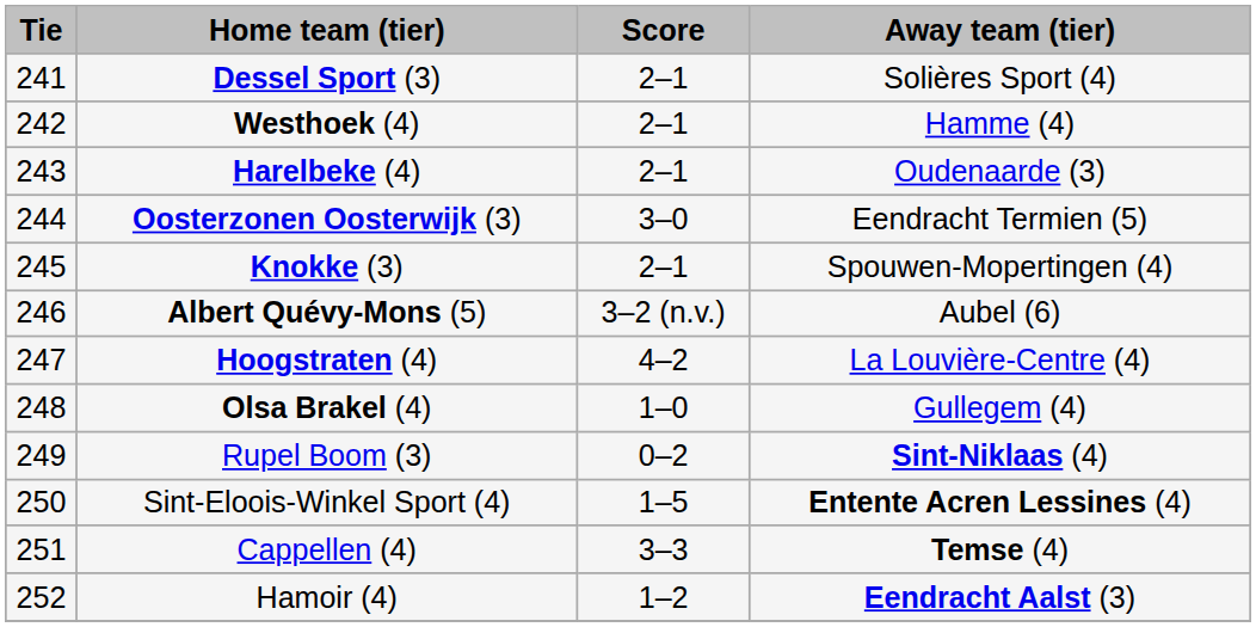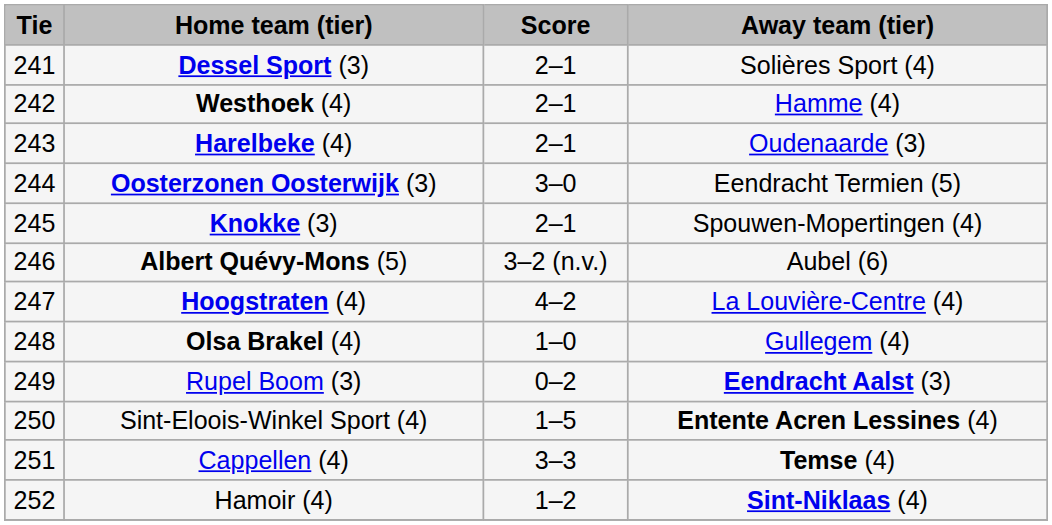 <table class="wikitable" style="width: 600px; background:WhiteSmoke; text-align:center; font-size:90%">
 <tr>
 <td scope="col" style="width:  5.00%; background:silver;"><strong>Tie</strong></td>
 <td scope="col" style="width: 36.25%; background:silver;"><strong>Home team (tier)</strong></td>
 <td scope="col" style="width: 12.50%; background:silver;"><strong>Score</strong></td>
 <td scope="col" style="width: 36.25%; background:silver;"><strong>Away team (tier)</strong></td>
 </tr>
 <tr>
 <td>241</td>
 <td><strong><a href='#'>Dessel Sport</a></strong> (3)</td>
 <td>2–1</td>
 <td>Solières Sport (4)</td>
 </tr>
 <tr>
 <td>242</td>
 <td><strong>Westhoek</strong> (4)</td>
 <td>2–1</td>
 <td><a href='#'>Hamme</a> (4)</td>
 </tr>
 <tr>
 <td>243</td>
 <td><strong><a href='#'>Harelbeke</a></strong> (4)</td>
 <td>2–1</td>
 <td><a href='#'>Oudenaarde</a> (3)</td>
 </tr>
 <tr>
 <td>244</td>
 <td><strong><a href='#'>Oosterzonen Oosterwijk</a></strong> (3)</td>
 <td>3–0</td>
 <td>Eendracht Termien (5)</td>
 </tr>
 <tr>
 <td>245</td>
 <td><strong><a href='#'>Knokke</a></strong> (3)</td>
 <td>2–1</td>
 <td>Spouwen-Mopertingen (4)</td>
 </tr>
 <tr>
 <td>246</td>
 <td><strong>Albert Quévy-Mons</strong> (5)</td>
 <td>3–2 (n.v.)</td>
 <td>Aubel (6)</td>
 </tr>
 <tr>
 <td>247</td>
 <td><strong><a href='#'>Hoogstraten</a></strong> (4)</td>
 <td>4–2</td>
 <td><a href='#'>La Louvière-Centre</a> (4)</td>
 </tr>
 <tr>
 <td>248</td>
 <td><strong>Olsa Brakel</strong> (4)</td>
 <td>1–0</td>
 <td><a href='#'>Gullegem</a> (4)</td>
 </tr>
 <tr>
 <td>249</td>
 <td><a href='#'>Rupel Boom</a> (3)</td>
 <td>0–2</td>
-<td><strong><a href='#'>Sint-Niklaas</a></strong> (4)</td>
+<td><strong><a href='#'>Eendracht Aalst</a></strong> (3)</td>
 </tr>
 <tr>
 <td>250</td>
 <td>Sint-Eloois-Winkel Sport (4)</td>
 <td>1–5</td>
 <td><strong>Entente Acren Lessines</strong> (4)</td>
 </tr>
 <tr>
 <td>251</td>
 <td><a href='#'>Cappellen</a> (4)</td>
 <td>3–3 </td>
 <td><strong>Temse</strong> (4)</td>
 </tr>
 <tr>
 <td>252</td>
 <td>Hamoir (4)</td>
 <td>1–2</td>
-<td><strong><a href='#'>Eendracht Aalst</a></strong> (3)</td>
+<td><strong><a href='#'>Sint-Niklaas</a></strong> (4)</td>
 </tr>
 <tr>
 </tr>
 </table>
